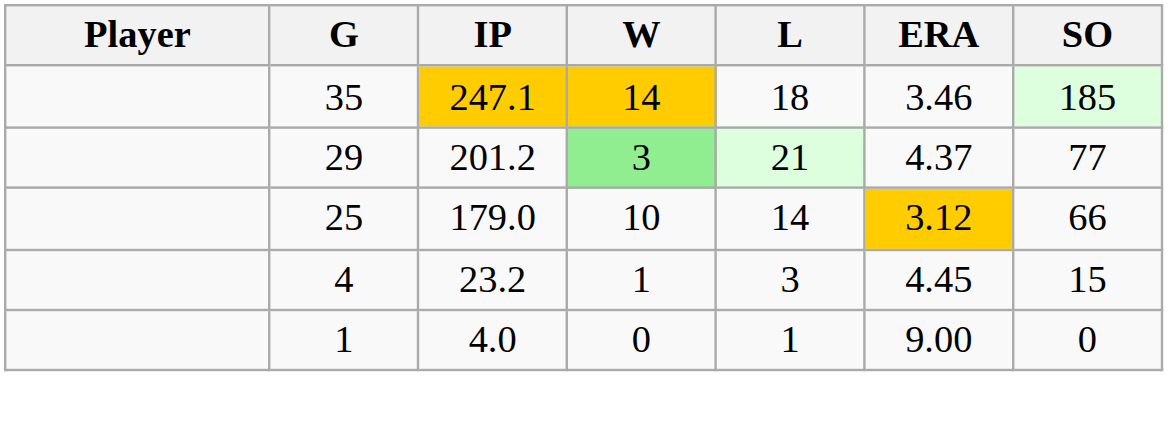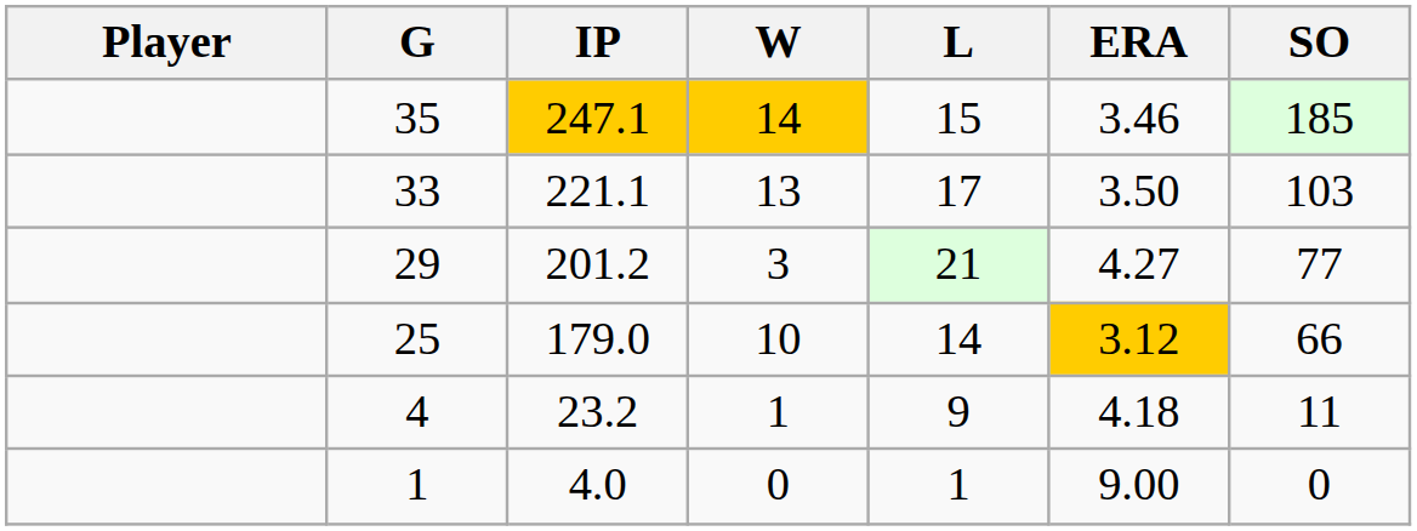 <table class="wikitable sortable">
 <tr>
 <th bgcolor="#DDDDFF" width="16%">Player</th>
 <th bgcolor="#DDDDFF" width="9%">G</th>
 <th bgcolor="#DDDDFF" width="9%">IP</th>
 <th bgcolor="#DDDDFF" width="9%">W</th>
 <th bgcolor="#DDDDFF" width="9%">L</th>
 <th bgcolor="#DDDDFF" width="9%">ERA</th>
 <th bgcolor="#DDDDFF" width="9%">SO</th>
 </tr>
 <tr align="center">
 <td></td>
 <td>35</td>
 <td style="background:#fc0;">247.1</td>
 <td style="background:#fc0;">14</td>
-<td>18</td>
+<td>15</td>
 <td>3.46</td>
 <td style="background:#DDFFDD;">185</td>
 </tr>
 <tr align="center">
 <td></td>
+<td>33</td>
+<td>221.1</td>
+<td>13</td>
+<td>17</td>
+<td>3.50</td>
+<td>103</td>
+</tr>
+<tr align="center">
+<td></td>
 <td>29</td>
 <td>201.2</td>
-<td style="background: lightgreen;">3</td>
+<td>3</td>
 <td style="background:#DDFFDD;">21</td>
-<td>4.37</td>
+<td>4.27</td>
 <td>77</td>
 </tr>
 <tr align="center">
 <td></td>
 <td>25</td>
 <td>179.0</td>
 <td>10</td>
 <td>14</td>
 <td style="background:#fc0;">3.12</td>
 <td>66</td>
 </tr>
 <tr align="center">
 <td></td>
 <td>4</td>
 <td>23.2</td>
 <td>1</td>
-<td>3</td>
-<td>4.45</td>
-<td>15</td>
+<td>9</td>
+<td>4.18</td>
+<td>11</td>
 </tr>
 <tr align="center">
 <td></td>
 <td>1</td>
 <td>4.0</td>
 <td>0</td>
 <td>1</td>
 <td>9.00</td>
 <td>0</td>
 </tr>
 </table>
